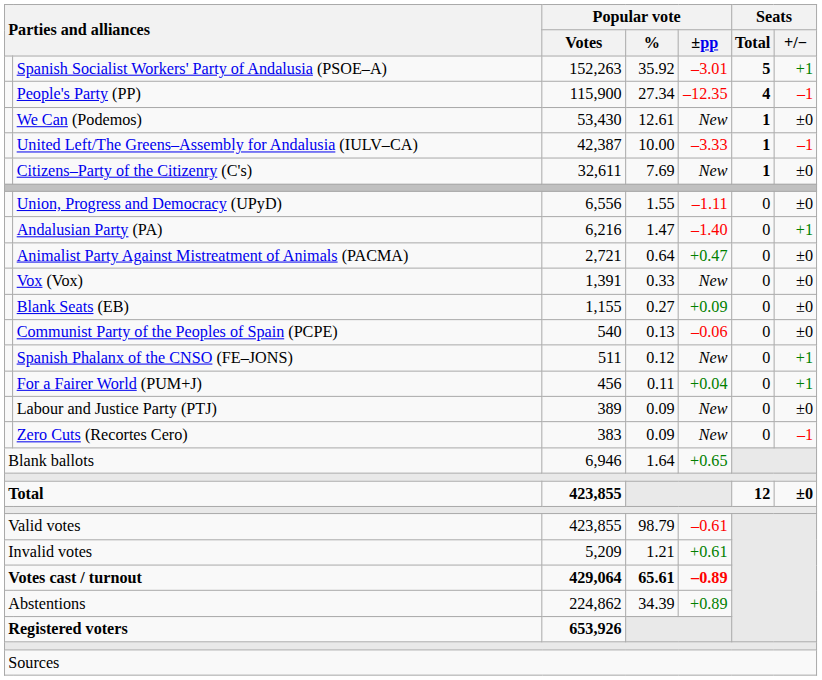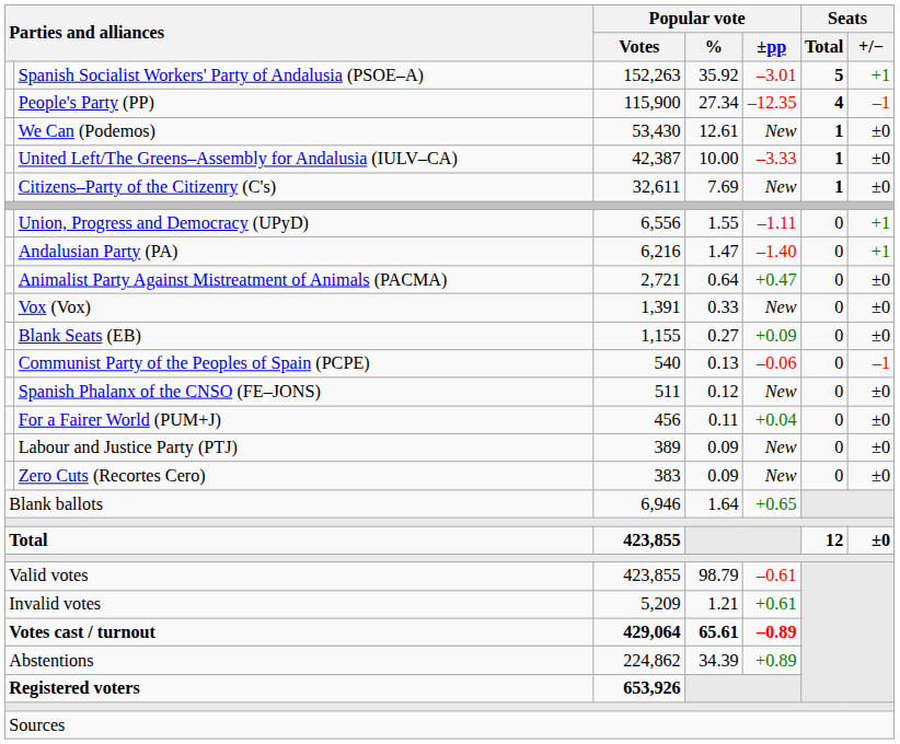 <table class="wikitable" style="text-align:right;">
 <tr>
 <th style="text-align:left;" rowspan="2" colspan="2" width="525">Parties and alliances</th>
 <th colspan="3">Popular vote</th>
 <th colspan="2">Seats</th>
 </tr>
 <tr>
 <th width="75">Votes</th>
 <th width="45">%</th>
 <th width="45">±<a href='#'>pp</a></th>
 <th width="35">Total</th>
 <th width="35">+/−</th>
 </tr>
 <tr>
 <td width="1" style="color:inherit;background:"></td>
 <td align="left"><a href='#'>Spanish Socialist Workers' Party of Andalusia</a> (PSOE–A)</td>
 <td>152,263</td>
 <td>35.92</td>
 <td style="color:red;">–3.01</td>
 <td><strong>5</strong></td>
 <td style="color:green;">+1</td>
 </tr>
 <tr>
 <td style="color:inherit;background:"></td>
 <td align="left"><a href='#'>People's Party</a> (PP)</td>
 <td>115,900</td>
 <td>27.34</td>
 <td style="color:red;">–12.35</td>
 <td><strong>4</strong></td>
 <td style="color:red;">–1</td>
 </tr>
 <tr>
 <td style="color:inherit;background:"></td>
 <td align="left"><a href='#'>We Can</a> (Podemos)</td>
 <td>53,430</td>
 <td>12.61</td>
 <td><em>New</em></td>
 <td><strong>1</strong></td>
 <td>±0</td>
 </tr>
 <tr>
 <td style="color:inherit;background:"></td>
 <td align="left"><a href='#'>United Left/The Greens–Assembly for Andalusia</a> (IULV–CA)</td>
 <td>42,387</td>
 <td>10.00</td>
 <td style="color:red;">–3.33</td>
 <td><strong>1</strong></td>
-<td style="color:red;">–1</td>
+<td>±0</td>
 </tr>
 <tr>
 <td style="color:inherit;background:"></td>
 <td align="left"><a href='#'>Citizens–Party of the Citizenry</a> (C's)</td>
 <td>32,611</td>
 <td>7.69</td>
 <td><em>New</em></td>
 <td><strong>1</strong></td>
 <td>±0</td>
 </tr>
 <tr>
 <td colspan="7" bgcolor="#C0C0C0"></td>
 </tr>
 <tr>
 <td style="color:inherit;background:"></td>
 <td align="left"><a href='#'>Union, Progress and Democracy</a> (UPyD)</td>
 <td>6,556</td>
 <td>1.55</td>
 <td style="color:red;">–1.11</td>
 <td>0</td>
-<td>±0</td>
+<td style="color:green;">+1</td>
 </tr>
 <tr>
 <td style="color:inherit;background:"></td>
 <td align="left"><a href='#'>Andalusian Party</a> (PA)</td>
 <td>6,216</td>
 <td>1.47</td>
 <td style="color:red;">–1.40</td>
 <td>0</td>
 <td style="color:green;">+1</td>
 </tr>
 <tr>
 <td style="color:inherit;background:"></td>
 <td align="left"><a href='#'>Animalist Party Against Mistreatment of Animals</a> (PACMA)</td>
 <td>2,721</td>
 <td>0.64</td>
 <td style="color:green;">+0.47</td>
 <td>0</td>
 <td>±0</td>
 </tr>
 <tr>
 <td style="color:inherit;background:"></td>
 <td align="left"><a href='#'>Vox</a> (Vox)</td>
 <td>1,391</td>
 <td>0.33</td>
 <td><em>New</em></td>
 <td>0</td>
 <td>±0</td>
 </tr>
 <tr>
 <td style="color:inherit;background:"></td>
 <td align="left"><a href='#'>Blank Seats</a> (EB)</td>
 <td>1,155</td>
 <td>0.27</td>
 <td style="color:green;">+0.09</td>
 <td>0</td>
 <td>±0</td>
 </tr>
 <tr>
 <td style="color:inherit;background:"></td>
 <td align="left"><a href='#'>Communist Party of the Peoples of Spain</a> (PCPE)</td>
 <td>540</td>
 <td>0.13</td>
 <td style="color:red;">–0.06</td>
 <td>0</td>
-<td>±0</td>
+<td style="color:red;">–1</td>
 </tr>
 <tr>
 <td style="color:inherit;background:"></td>
 <td align="left"><a href='#'>Spanish Phalanx of the CNSO</a> (FE–JONS)</td>
 <td>511</td>
 <td>0.12</td>
 <td><em>New</em></td>
 <td>0</td>
-<td style="color:green;">+1</td>
+<td>±0</td>
 </tr>
 <tr>
 <td style="color:inherit;background:"></td>
 <td align="left"><a href='#'>For a Fairer World</a> (PUM+J)</td>
 <td>456</td>
 <td>0.11</td>
 <td style="color:green;">+0.04</td>
 <td>0</td>
-<td style="color:green;">+1</td>
+<td>±0</td>
 </tr>
 <tr>
 <td style="color:inherit;background:"></td>
 <td align="left">Labour and Justice Party (PTJ)</td>
 <td>389</td>
 <td>0.09</td>
 <td><em>New</em></td>
 <td>0</td>
 <td>±0</td>
 </tr>
 <tr>
 <td style="color:inherit;background:"></td>
 <td align="left"><a href='#'>Zero Cuts</a> (Recortes Cero)</td>
 <td>383</td>
 <td>0.09</td>
 <td><em>New</em></td>
 <td>0</td>
-<td style="color:red;">–1</td>
+<td>±0</td>
 </tr>
 <tr>
 <td align="left" colspan="2">Blank ballots</td>
 <td>6,946</td>
 <td>1.64</td>
 <td style="color:green;">+0.65</td>
 <td bgcolor="#E9E9E9" colspan="2"></td>
 </tr>
 <tr>
 <td colspan="7" bgcolor="#E9E9E9"></td>
 </tr>
 <tr style="font-weight:bold;">
 <td align="left" colspan="2">Total</td>
 <td>423,855</td>
 <td bgcolor="#E9E9E9" colspan="2"></td>
 <td>12</td>
 <td>±0</td>
 </tr>
 <tr>
 <td colspan="7" bgcolor="#E9E9E9"></td>
 </tr>
 <tr>
 <td align="left" colspan="2">Valid votes</td>
 <td>423,855</td>
 <td>98.79</td>
 <td style="color:red;">–0.61</td>
 <td bgcolor="#E9E9E9" colspan="2" rowspan="5"></td>
 </tr>
 <tr>
 <td align="left" colspan="2">Invalid votes</td>
 <td>5,209</td>
 <td>1.21</td>
 <td style="color:green;">+0.61</td>
 </tr>
 <tr style="font-weight:bold;">
 <td align="left" colspan="2">Votes cast / turnout</td>
 <td>429,064</td>
 <td>65.61</td>
 <td style="color:red;">–0.89</td>
 </tr>
 <tr>
 <td align="left" colspan="2">Abstentions</td>
 <td>224,862</td>
 <td>34.39</td>
 <td style="color:green;">+0.89</td>
 </tr>
 <tr style="font-weight:bold;">
 <td align="left" colspan="2">Registered voters</td>
 <td>653,926</td>
 <td style="background:#e9e9e9;" colspan="2"></td>
 </tr>
 <tr>
 <td colspan="7" bgcolor="#E9E9E9"></td>
 </tr>
 <tr>
 <td align="left" colspan="7">Sources</td>
 </tr>
 </table>
